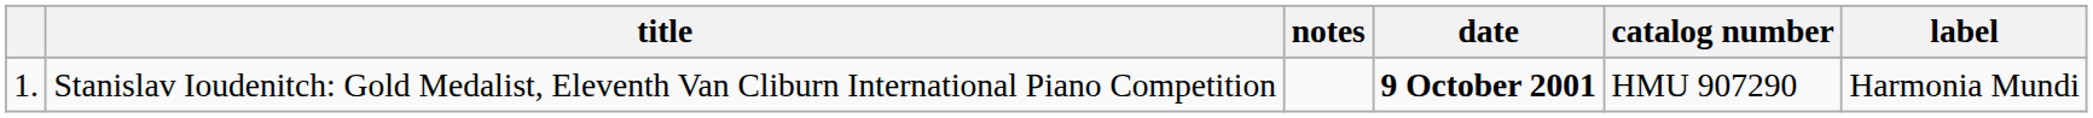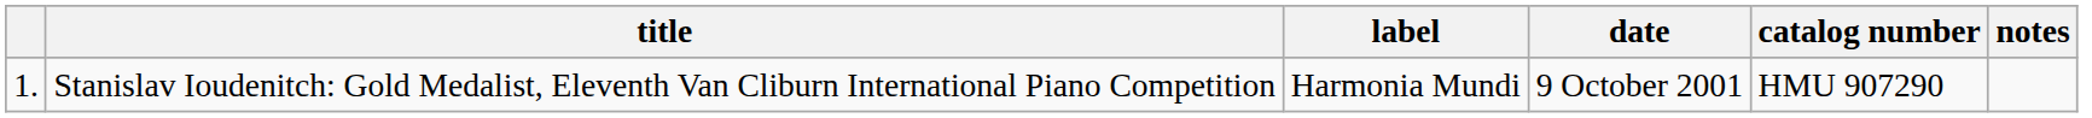 <table class="wikitable">
 <tr>
 <th></th>
 <th>title</th>
-<th>notes</th>
+<th>label</th>
 <th>date</th>
 <th>catalog number</th>
-<th>label</th>
+<th>notes</th>
 </tr>
 <tr>
 <td>1.</td>
 <td>Stanislav Ioudenitch: Gold Medalist, Eleventh Van Cliburn International Piano Competition</td>
+<td>Harmonia Mundi</td>
+<td>9 October 2001</td>
+<td>HMU 907290</td>
 <td></td>
-<td><strong>9 October 2001</strong></td>
-<td>HMU 907290</td>
-<td>Harmonia Mundi</td>
 </tr>
 </table>
